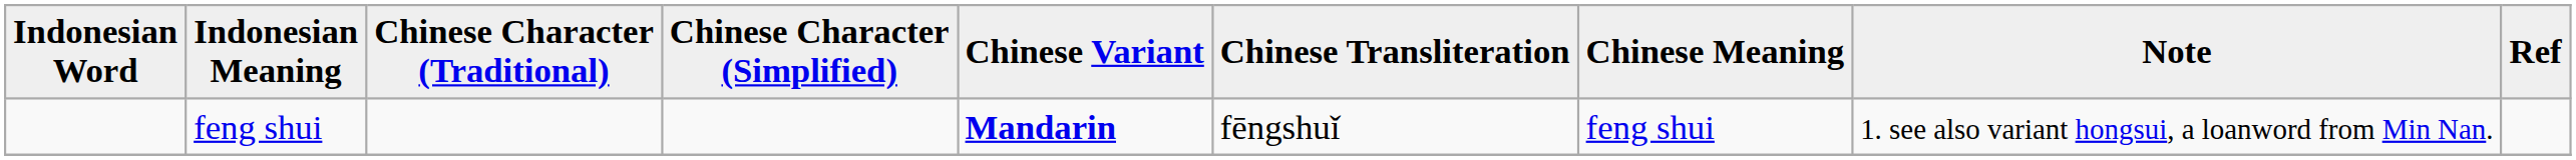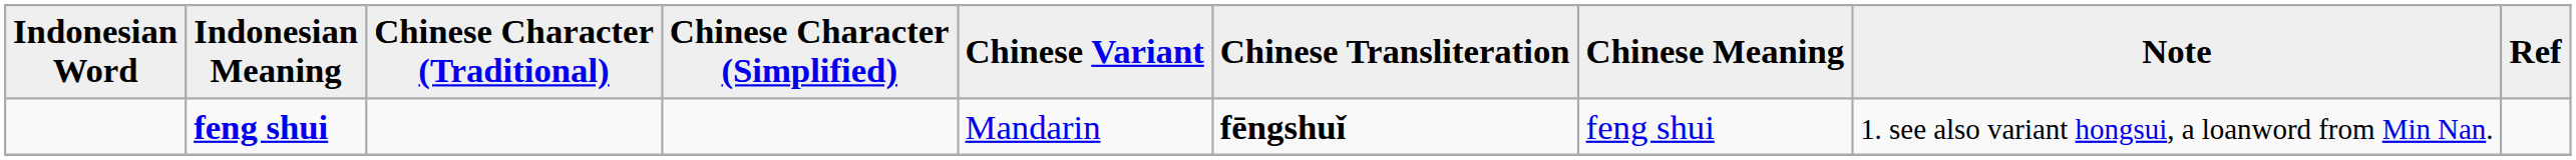 <table class="wikitable">
 <tr>
 <th style="background:#efefef;">Indonesian <br>Word</th>
 <th style="background:#efefef;">Indonesian <br>Meaning</th>
 <th style="background:#efefef;">Chinese Character <br><a href='#'>(Traditional)</a></th>
 <th style="background:#efefef;">Chinese Character <br><a href='#'>(Simplified)</a></th>
 <th style="background:#efefef;">Chinese <a href='#'>Variant</a></th>
 <th style="background:#efefef;">Chinese Transliteration</th>
 <th style="background:#efefef;">Chinese Meaning</th>
 <th style="background:#efefef;">Note</th>
 <th style="background:#efefef;">Ref</th>
 </tr>
 <tr>
 <td></td>
-<td><a href='#'>feng shui</a></td>
+<td><strong><a href='#'>feng shui</a></strong></td>
 <td></td>
 <td></td>
-<td><strong><a href='#'>Mandarin</a></strong></td>
-<td>fēngshuǐ</td>
+<td><a href='#'>Mandarin</a></td>
+<td><strong>fēngshuǐ</strong></td>
 <td><a href='#'>feng shui</a></td>
 <td><small>1. see also variant <a href='#'>hongsui</a>, a loanword from <a href='#'>Min Nan</a>.</small></td>
 <td></td>
 </tr>
 <tr>
 </tr>
 </table>
